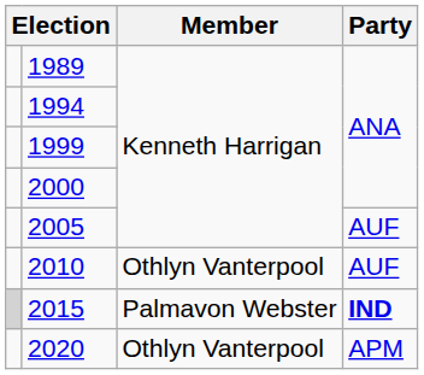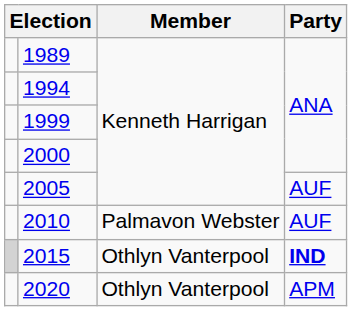 <table class="wikitable">
 <tr>
 <th colspan=2>Election</th>
 <th>Member</th>
 <th>Party</th>
 </tr>
 <tr>
 <td style="background-color: "></td>
 <td><a href='#'>1989</a></td>
 <td rowspan="5">Kenneth Harrigan</td>
 <td rowspan="4"><a href='#'>ANA</a></td>
 </tr>
 <tr>
 <td style="background-color: "></td>
 <td><a href='#'>1994</a></td>
 </tr>
 <tr>
 <td style="background-color: "></td>
 <td><a href='#'>1999</a></td>
 </tr>
 <tr>
 <td style="background-color: "></td>
 <td><a href='#'>2000</a></td>
 </tr>
 <tr>
 <td style="background-color: "></td>
 <td><a href='#'>2005</a></td>
 <td><a href='#'>AUF</a></td>
 </tr>
 <tr>
 <td style="background-color: "></td>
 <td><a href='#'>2010</a></td>
-<td>Othlyn Vanterpool</td>
+<td>Palmavon Webster</td>
 <td><a href='#'>AUF</a></td>
 </tr>
 <tr>
 <td style="background-color: lightgrey"></td>
 <td><a href='#'>2015</a></td>
-<td>Palmavon Webster</td>
+<td>Othlyn Vanterpool</td>
 <td><strong><a href='#'>IND</a></strong></td>
 </tr>
 <tr>
 <td style="background-color: "></td>
 <td><a href='#'>2020</a></td>
 <td>Othlyn Vanterpool</td>
 <td><a href='#'>APM</a></td>
 </tr>
 </table>
